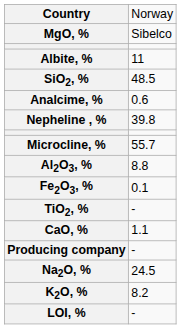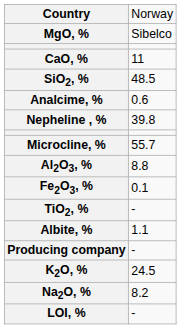 <table class="wikitable collapsible">
 <tr>
 <th>Country</th>
 <td>Norway</td>
 </tr>
 <tr>
 <th>MgO, %</th>
 <td>Sibelco</td>
 </tr>
 <tr>
 <th></th>
 <td></td>
 </tr>
 <tr>
-<th>Albite, %</th>
+<th>CaO, %</th>
 <td>11</td>
 </tr>
 <tr>
 <th>SiO<sub>2</sub>, %</th>
 <td>48.5</td>
 </tr>
 <tr>
 <th>Analcime, %</th>
 <td>0.6</td>
 </tr>
 <tr>
 <th>Nepheline , %</th>
 <td>39.8</td>
 </tr>
 <tr>
 <th></th>
 <td></td>
 </tr>
 <tr>
 <th>Microcline, %</th>
 <td>55.7</td>
 </tr>
 <tr>
 <th>Al<sub>2</sub>O<sub>3</sub>, %</th>
 <td>8.8</td>
 </tr>
 <tr>
 <th>Fe<sub>2</sub>O<sub>3</sub>, %</th>
 <td>0.1</td>
 </tr>
 <tr>
 <th>TiO<sub>2</sub>, %</th>
 <td>-</td>
 </tr>
 <tr>
-<th>CaO, %</th>
+<th>Albite, %</th>
 <td>1.1</td>
 </tr>
 <tr>
 <th>Producing company</th>
 <td>-</td>
 </tr>
 <tr>
-<th>Na<sub>2</sub>O, %</th>
+<th>K<sub>2</sub>O, %</th>
 <td>24.5</td>
 </tr>
 <tr>
-<th>K<sub>2</sub>O, %</th>
+<th>Na<sub>2</sub>O, %</th>
 <td>8.2</td>
 </tr>
 <tr>
 <th>LOI, %</th>
 <td>-</td>
 </tr>
 </table>
